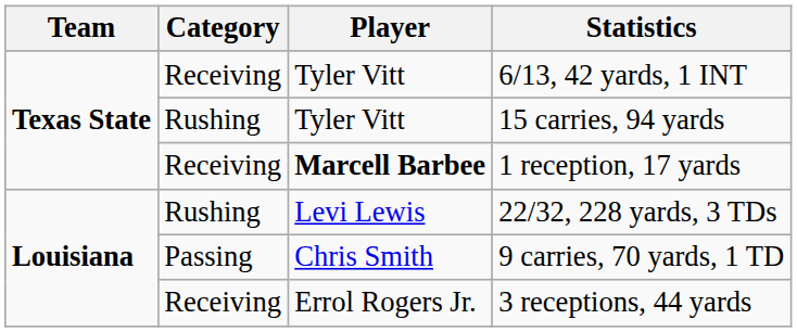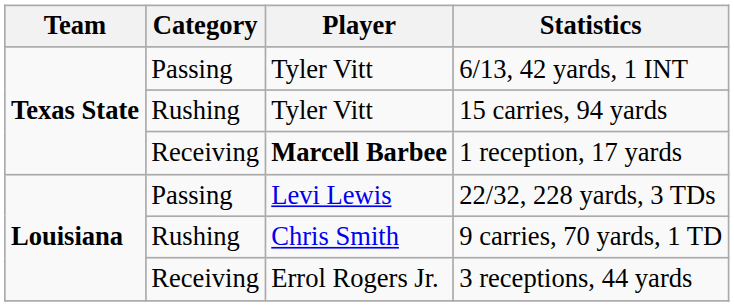 <table class="wikitable" style="float: left;">
 <tr>
 <th>Team</th>
 <th>Category</th>
 <th>Player</th>
 <th>Statistics</th>
 </tr>
 <tr>
 <td rowspan=3><strong>Texas State</strong></td>
-<td>Receiving</td>
+<td>Passing</td>
 <td>Tyler Vitt</td>
 <td>6/13, 42 yards, 1 INT</td>
 </tr>
 <tr>
 <td>Rushing</td>
 <td>Tyler Vitt</td>
 <td>15 carries, 94 yards</td>
 </tr>
 <tr>
 <td>Receiving</td>
 <td><strong>Marcell Barbee</strong></td>
 <td>1 reception, 17 yards</td>
 </tr>
 <tr>
 <td rowspan=3><strong>Louisiana</strong></td>
-<td>Rushing</td>
+<td>Passing</td>
 <td><a href='#'>Levi Lewis</a></td>
 <td>22/32, 228 yards, 3 TDs</td>
 </tr>
 <tr>
-<td>Passing</td>
+<td>Rushing</td>
 <td><a href='#'>Chris Smith</a></td>
 <td>9 carries, 70 yards, 1 TD</td>
 </tr>
 <tr>
 <td>Receiving</td>
 <td>Errol Rogers Jr.</td>
 <td>3 receptions, 44 yards</td>
 </tr>
 </table>
